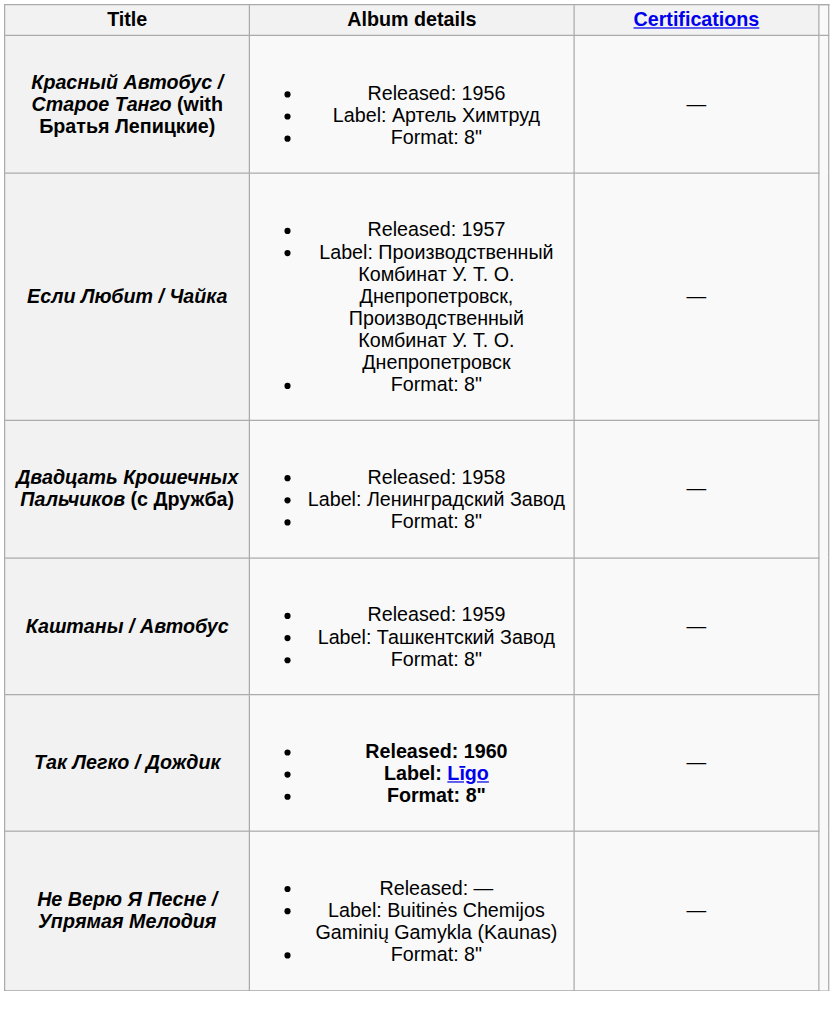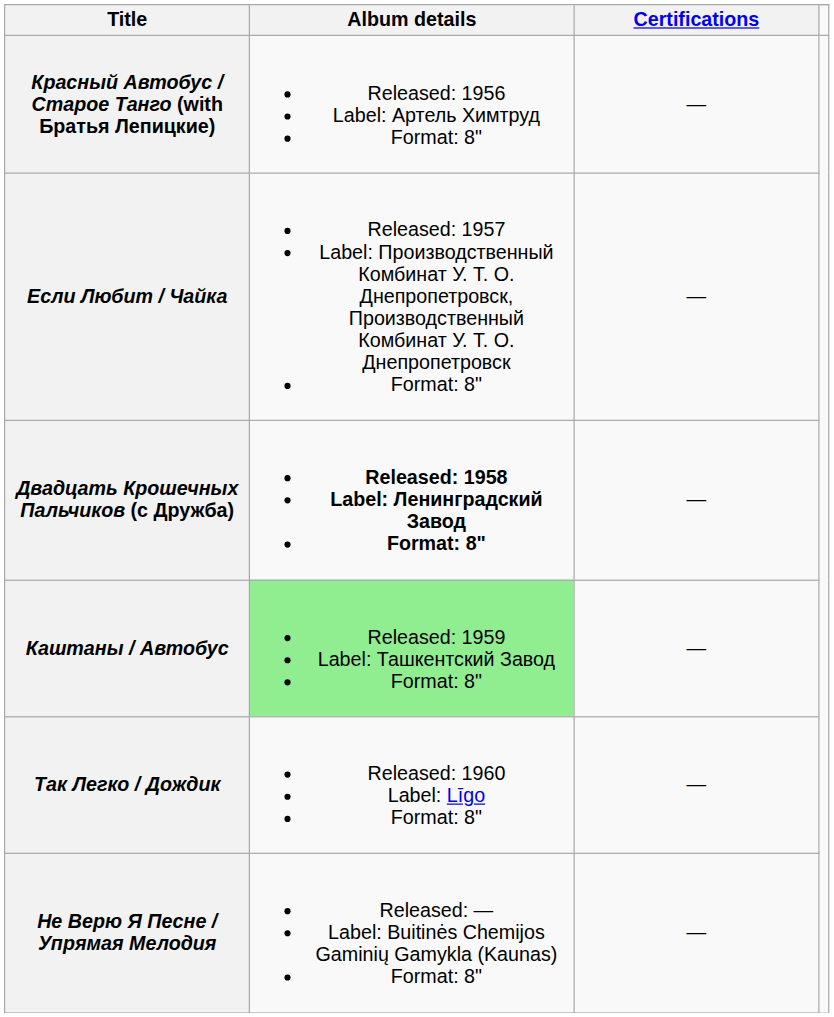 <table class="wikitable plainrowheaders" style="text-align:center;">
 <tr>
 <th scope="col" rowspan="2" style="width:12em;">Title</th>
 <th scope="col" rowspan="2" style="width:16em;">Album details</th>
 <th scope="col" rowspan="2" style="width:12em;"><a href='#'>Certifications</a></th>
 </tr>
 <tr>
 <td></td>
 </tr>
 <tr>
 <th scope="row"><em>Красный Автобус / Старое Танго</em> (with Братья Лепицкие)</th>
 <td><br><ul><li>Released: 1956</li><li>Label: Артель Химтруд</li><li>Format: 8"</li></ul></td>
 <td>—</td>
 </tr>
 <tr>
 <th scope="row"><em>Если Любит / Чайка</em></th>
 <td><br><ul><li>Released: 1957</li><li>Label: Производственный Комбинат У. Т. О. Днепропетровск, Производственный Комбинат У. Т. О. Днепропетровск</li><li>Format: 8"</li></ul></td>
 <td>—</td>
 </tr>
 <tr>
 <th scope="row"><em>Двадцать Крошечных Пальчиков</em> (с Дружба)</th>
-<td><br><ul><li>Released: 1958</li><li>Label: Ленинградский Завод</li><li>Format: 8"</li></ul></td>
+<td><strong><br><ul><li>Released: 1958</li><li>Label: Ленинградский Завод</li><li>Format: 8"</li></ul></strong></td>
 <td>—</td>
 </tr>
 <tr>
 <th scope="row"><em>Каштаны / Автобус</em></th>
-<td><br><ul><li>Released: 1959</li><li>Label: Ташкентский Завод</li><li>Format: 8"</li></ul></td>
+<td style="background: lightgreen;"><br><ul><li>Released: 1959</li><li>Label: Ташкентский Завод</li><li>Format: 8"</li></ul></td>
 <td>—</td>
 </tr>
 <tr>
 <th scope="row"><em>Так Легко / Дождик</em></th>
-<td><strong><br><ul><li>Released: 1960</li><li>Label: <a href='#'>Līgo</a></li><li>Format: 8"</li></ul></strong></td>
+<td><br><ul><li>Released: 1960</li><li>Label: <a href='#'>Līgo</a></li><li>Format: 8"</li></ul></td>
 <td>—</td>
 </tr>
 <tr>
 <th scope="row"><em>Не Верю Я Песне / Упрямая Мелодия</em></th>
 <td><br><ul><li>Released: —</li><li>Label: Buitinės Chemijos Gaminių Gamykla (Kaunas)</li><li>Format: 8"</li></ul></td>
 <td>—</td>
 </tr>
 <tr>
 </tr>
 <tr |colspan="14" style="font-size:90%"| "—" denotes a recording that did not chart or was not released in that territory.>
 </tr>
 </table>
